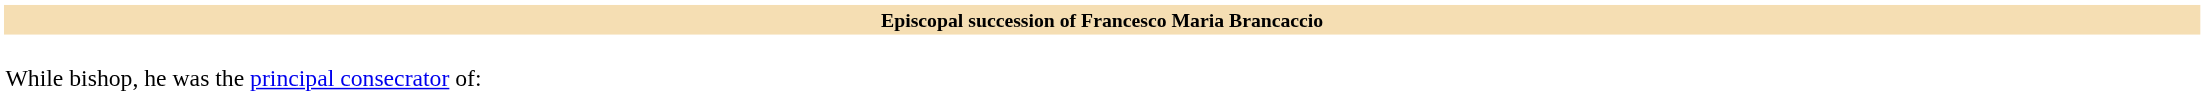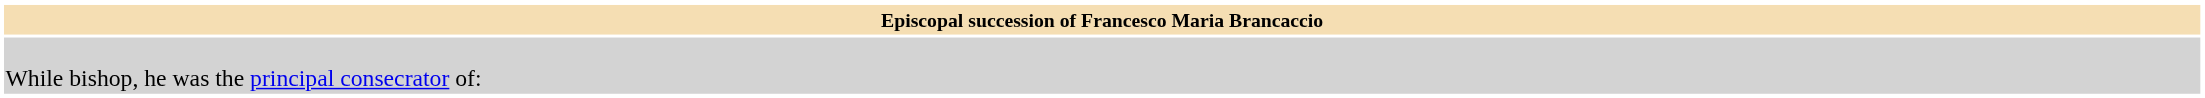 <table class="toccolours collapsible collapsed" width=75% align="center">
 <tr>
 <th style="background:#F5DEB3"><small>Episcopal succession of Francesco Maria Brancaccio</small></th>
 </tr>
 <tr>
-<td><br>While bishop, he was the <a href='#'>principal consecrator</a> of: </td>
+<td style="background: lightgrey;"><br>While bishop, he was the <a href='#'>principal consecrator</a> of: </td>
 </tr>
 </table>
